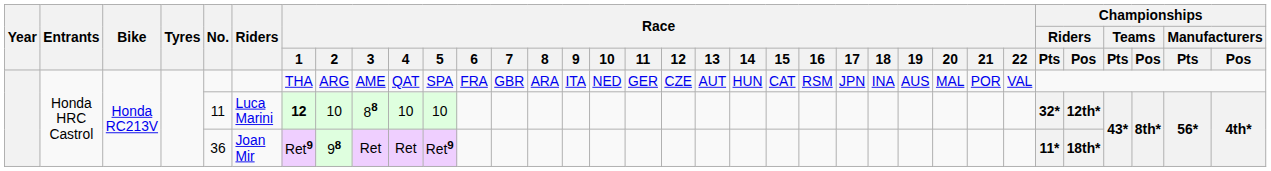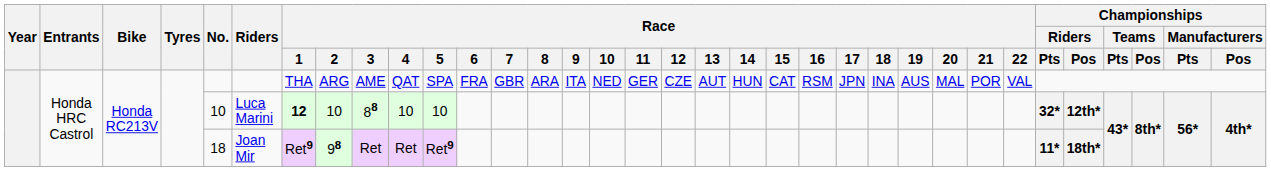 <table class="wikitable" style="text-align:center; font-size:95%">
 <tr>
 <th rowspan="3">Year</th>
 <th rowspan="3">Entrants</th>
 <th rowspan="3">Bike</th>
 <th rowspan="3">Tyres</th>
 <th rowspan="3">No.</th>
 <th rowspan="3">Riders</th>
 <th rowspan="2" colspan="22">Race</th>
 <th colspan="6">Championships</th>
 </tr>
 <tr>
 <th colspan="2">Riders</th>
 <th colspan="2">Teams</th>
 <th colspan="2">Manufacturers</th>
 </tr>
 <tr>
 <th scope="col">1</th>
 <th scope="col">2</th>
 <th scope="col">3</th>
 <th scope="col">4</th>
 <th scope="col">5</th>
 <th scope="col">6</th>
 <th scope="col">7</th>
 <th scope="col">8</th>
 <th scope="col">9</th>
 <th scope="col">10</th>
 <th scope="col">11</th>
 <th scope="col">12</th>
 <th scope="col">13</th>
 <th scope="col">14</th>
 <th scope="col">15</th>
 <th scope="col">16</th>
 <th scope="col">17</th>
 <th scope="col">18</th>
 <th scope="col">19</th>
 <th scope="col">20</th>
 <th scope="col">21</th>
 <th scope="col">22</th>
 <th>Pts</th>
 <th>Pos</th>
 <th>Pts</th>
 <th>Pos</th>
 <th>Pts</th>
 <th>Pos</th>
 </tr>
 <tr>
 <th rowspan="3"></th>
 <td rowspan="3">Honda HRC Castrol</td>
 <td rowspan="3"><a href='#'>Honda RC213V</a></td>
 <td rowspan="3"></td>
 <td></td>
 <td></td>
 <td><a href='#'>THA</a></td>
 <td><a href='#'>ARG</a></td>
 <td><a href='#'>AME</a></td>
 <td><a href='#'>QAT</a></td>
 <td><a href='#'>SPA</a></td>
 <td><a href='#'>FRA</a></td>
 <td><a href='#'>GBR</a></td>
 <td><a href='#'>ARA</a></td>
 <td><a href='#'>ITA</a></td>
 <td><a href='#'>NED</a></td>
 <td><a href='#'>GER</a></td>
 <td><a href='#'>CZE</a></td>
 <td><a href='#'>AUT</a></td>
 <td><a href='#'>HUN</a></td>
 <td><a href='#'>CAT</a></td>
 <td><a href='#'>RSM</a></td>
 <td><a href='#'>JPN</a></td>
 <td><a href='#'>INA</a></td>
 <td><a href='#'>AUS</a></td>
 <td><a href='#'>MAL</a></td>
 <td><a href='#'>POR</a></td>
 <td><a href='#'>VAL</a></td>
 </tr>
 <tr>
-<td>11</td>
+<td>10</td>
 <td style="text-align:left;"> <a href='#'>Luca Marini</a></td>
 <td style="background:#DFFFDF;"><strong>12</strong></td>
 <td style="background:#DFFFDF;">10</td>
 <td style="background:#DFFFDF;">8<sup><strong>8</strong></sup></td>
 <td style="background:#DFFFDF;">10</td>
 <td style="background:#DFFFDF;">10</td>
 <td style="background:#;"></td>
 <td style="background:#;"></td>
 <td style="background:#;"></td>
 <td style="background:#;"></td>
 <td style="background:#;"></td>
 <td style="background:#;"></td>
 <td style="background:#;"></td>
 <td style="background:#;"></td>
 <td style="background:#;"></td>
 <td style="background:#;"></td>
 <td style="background:#;"></td>
 <td style="background:#;"></td>
 <td style="background:#;"></td>
 <td style="background:#;"></td>
 <td style="background:#;"></td>
 <td style="background:#;"></td>
 <td style="background:#;"></td>
 <th>32*</th>
 <th>12th*</th>
 <th rowspan="2">43*</th>
 <th rowspan="2">8th*</th>
 <th rowspan="2" style="background:#;">56*</th>
 <th rowspan="2" style="background:#;">4th*</th>
 </tr>
 <tr>
-<td>36</td>
+<td>18</td>
 <td style="text-align:left;"> <a href='#'>Joan Mir</a></td>
 <td style="background:#EFCFFF;">Ret<sup><strong>9</strong></sup></td>
 <td style="background:#DFFFDF;">9<sup><strong>8</strong></sup></td>
 <td style="background:#EFCFFF;">Ret</td>
 <td style="background:#EFCFFF;">Ret</td>
 <td style="background:#EFCFFF;">Ret<sup><strong>9</strong></sup></td>
 <td style="background:#;"></td>
 <td style="background:#;"></td>
 <td style="background:#;"></td>
 <td style="background:#;"></td>
 <td style="background:#;"></td>
 <td style="background:#;"></td>
 <td style="background:#;"></td>
 <td style="background:#;"></td>
 <td style="background:#;"></td>
 <td style="background:#;"></td>
 <td style="background:#;"></td>
 <td style="background:#;"></td>
 <td style="background:#;"></td>
 <td style="background:#;"></td>
 <td style="background:#;"></td>
 <td style="background:#;"></td>
 <td style="background:#;"></td>
 <th>11*</th>
 <th>18th*</th>
 </tr>
 </table>
